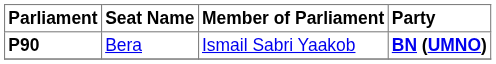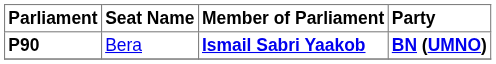 <table class="toccolours sortable" border="1" cellpadding="3" style="border-collapse:collapse; text-align: left;">
 <tr>
 <th align="center">Parliament</th>
 <th>Seat Name</th>
 <th>Member of Parliament</th>
 <th>Party</th>
 </tr>
 <tr>
 <th align="left">P90</th>
 <td><a href='#'>Bera</a></td>
-<td><a href='#'>Ismail Sabri Yaakob</a></td>
+<td><strong><a href='#'>Ismail Sabri Yaakob</a></strong></td>
 <td><strong><a href='#'>BN</a> (<a href='#'>UMNO</a>)</strong></td>
 </tr>
 <tr>
 </tr>
 </table>
